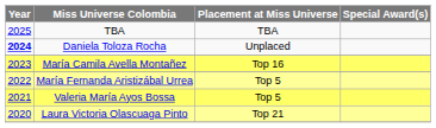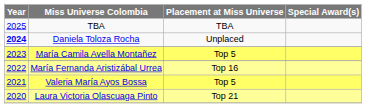 <table class="wikitable " style="font-size: 90%; text-align:center;">
 <tr>
 <th style="background-color:#787878;color:#FFFFFF;">Year</th>
 <th style="background-color:#787878;color:#FFFFFF;">Miss Universe Colombia</th>
 <th style="background-color:#787878;color:#FFFFFF;">Placement at Miss Universe</th>
 <th style="background-color:#787878;color:#FFFFFF;">Special Award(s)</th>
 </tr>
 <tr>
 <td><a href='#'>2025</a></td>
 <td>TBA</td>
 <td>TBA</td>
 <td></td>
 </tr>
 <tr>
 <td><strong><a href='#'>2024</a></strong></td>
 <td><a href='#'>Daniela Toloza Rocha</a></td>
 <td>Unplaced</td>
 <td></td>
 </tr>
 <tr>
 </tr>
 <tr style="background-color:#FFFF66; ">
 <td><a href='#'>2023</a></td>
 <td><a href='#'>María Camila Avella Montañez</a></td>
-<td>Top 16</td>
+<td>Top 5</td>
 <td></td>
 </tr>
 <tr>
 </tr>
 <tr style="background-color:#FFFF99">
 <td><a href='#'>2022</a></td>
 <td><a href='#'>María Fernanda Aristizábal Urrea</a></td>
-<td>Top 5</td>
+<td>Top 16</td>
 <td></td>
 </tr>
 <tr style="background-color:#FFFF66; ">
 <td><a href='#'>2021</a></td>
 <td><a href='#'>Valeria María Ayos Bossa</a></td>
 <td>Top 5</td>
 <td></td>
 </tr>
 <tr style="background-color:#FFFF99; ">
 <td><a href='#'>2020</a></td>
 <td><a href='#'>Laura Victoria Olascuaga Pinto</a></td>
 <td>Top 21</td>
 <td></td>
 </tr>
 <tr>
 </tr>
 </table>
